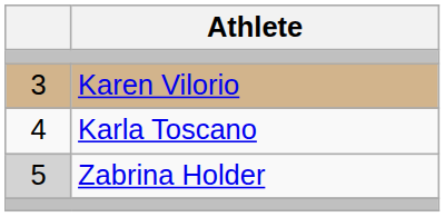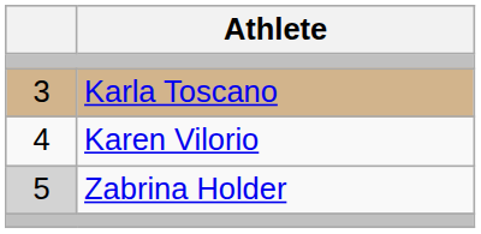 <table class="wikitable">
 <tr>
 <th width="30"></th>
 <th width="200">Athlete</th>
 </tr>
 <tr bgcolor="C0C0C0">
 <td colspan=2></td>
 </tr>
 <tr bgcolor="D2B48C">
 <td align="center">3</td>
-<td> <a href='#'>Karen Vilorio</a></td>
+<td> <a href='#'>Karla Toscano</a></td>
 </tr>
 <tr>
 <td align="center">4</td>
-<td> <a href='#'>Karla Toscano</a></td>
+<td> <a href='#'>Karen Vilorio</a></td>
 </tr>
 <tr>
 <td align="center" style="background: lightgrey;">5</td>
 <td> <a href='#'>Zabrina Holder</a></td>
 </tr>
 <tr bgcolor="C0C0C0">
 <td colspan=2></td>
 </tr>
 </table>
